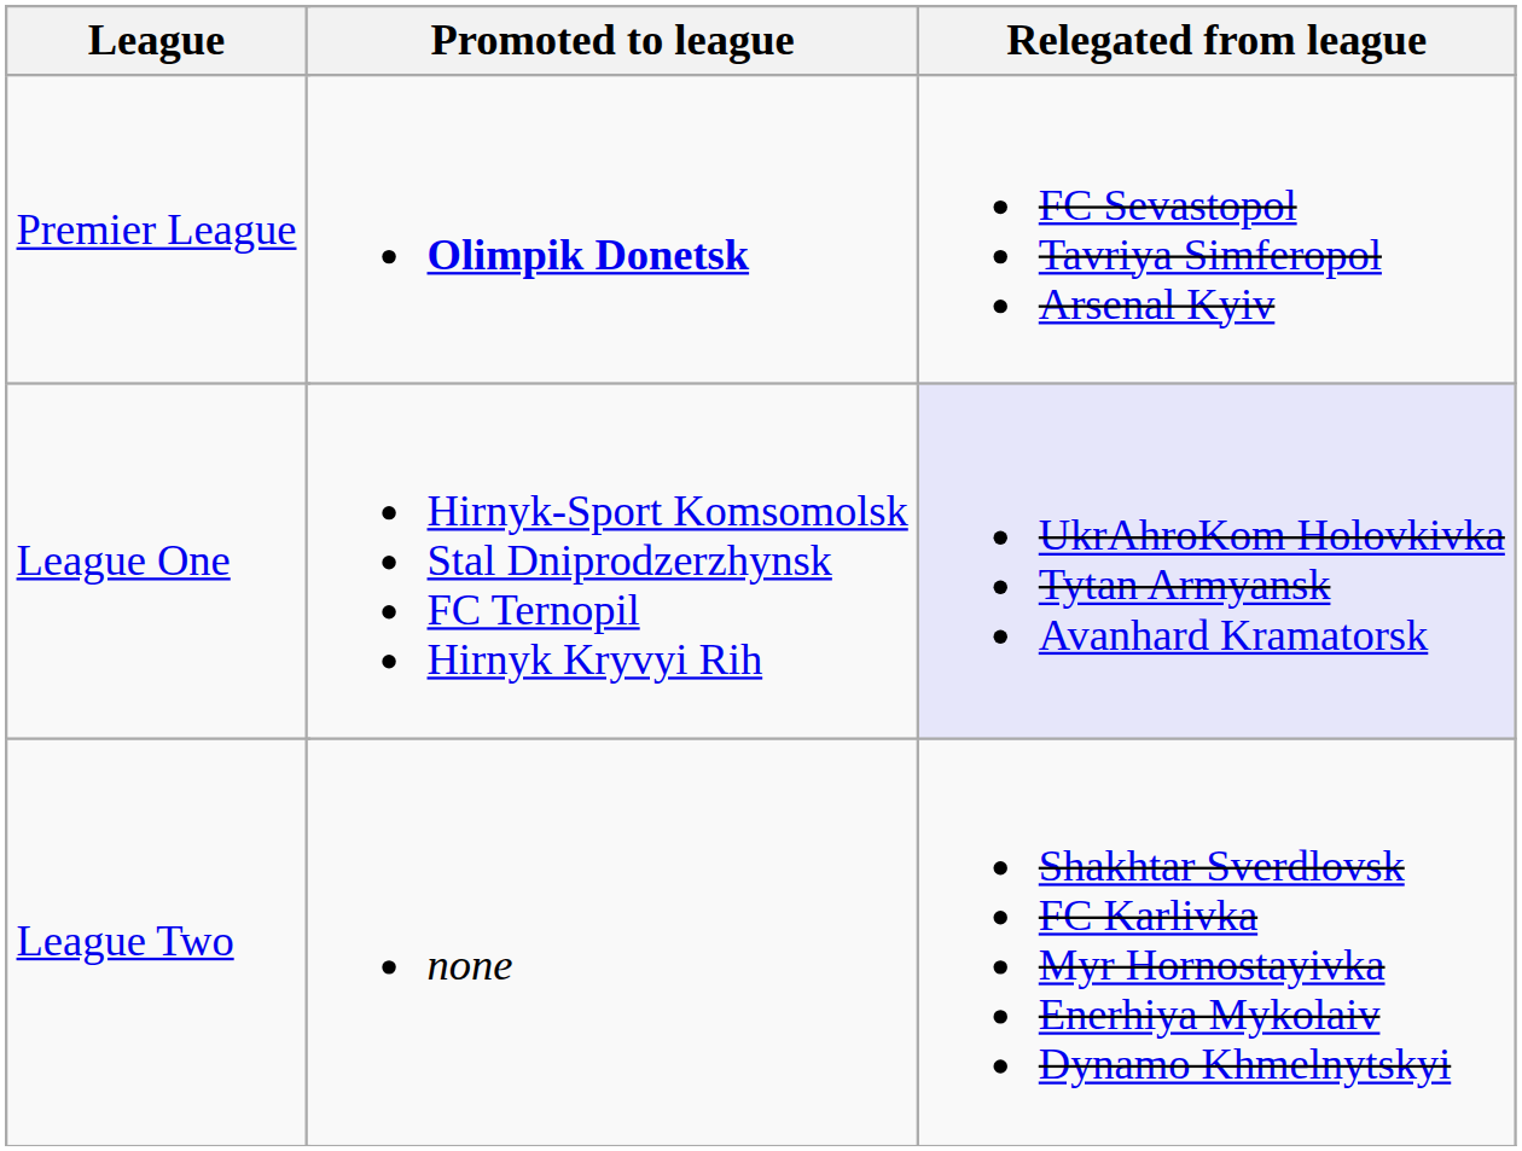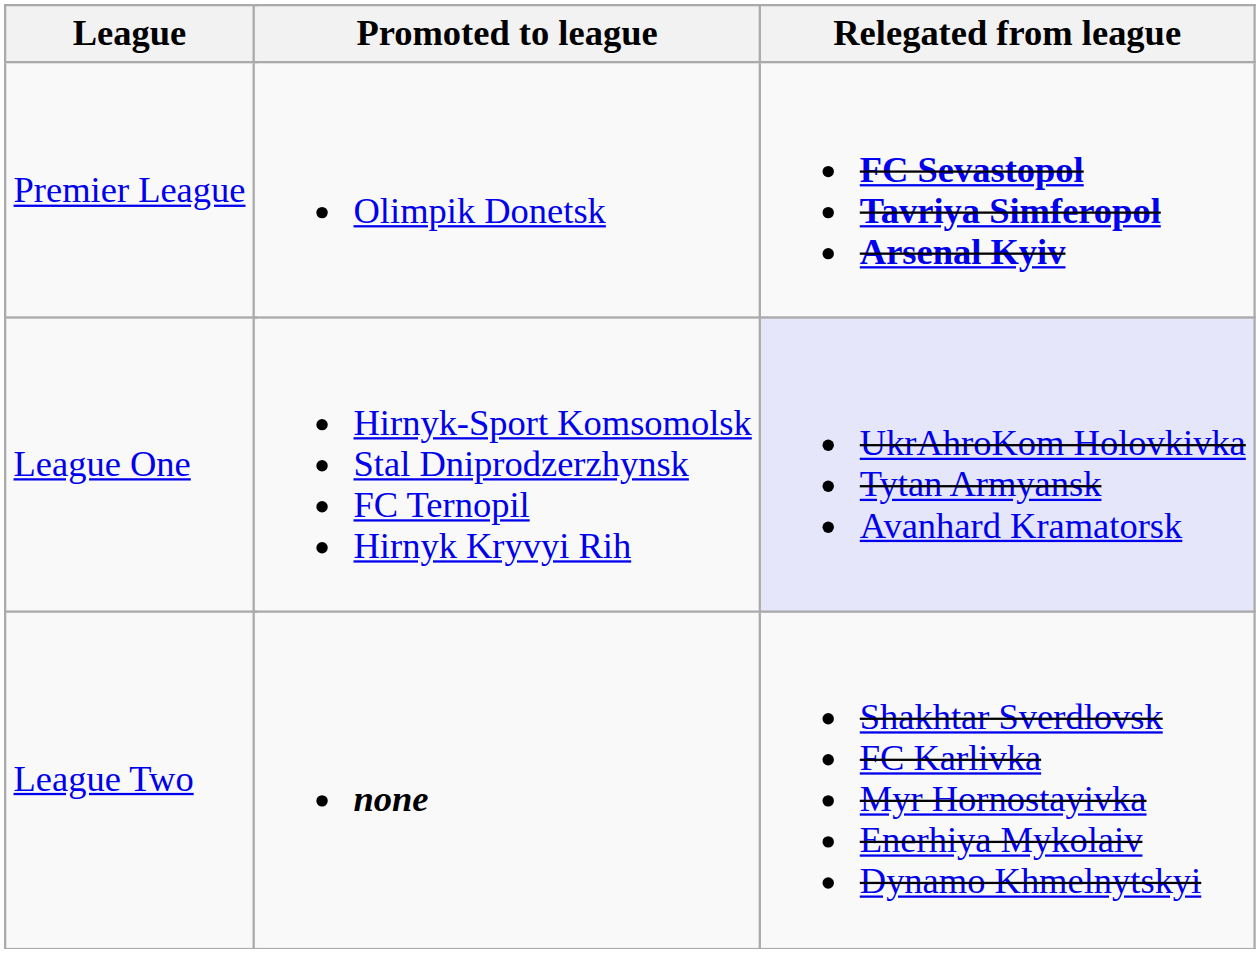 <table class="wikitable">
 <tr>
 <th colspan=2>League</th>
 <th>Promoted to league</th>
 <th>Relegated from league</th>
 </tr>
 <tr>
 <td colspan=2><a href='#'>Premier League</a></td>
-<td><strong><br><ul><li><a href='#'>Olimpik Donetsk</a></li></ul></strong></td>
-<td><br><ul><li><del><a href='#'>FC Sevastopol</a></del></li><li><del><a href='#'>Tavriya Simferopol</a></del></li><li><del><a href='#'>Arsenal Kyiv</a></del></li></ul></td>
+<td><br><ul><li><a href='#'>Olimpik Donetsk</a></li></ul></td>
+<td><strong><br><ul><li><del><a href='#'>FC Sevastopol</a></del></li><li><del><a href='#'>Tavriya Simferopol</a></del></li><li><del><a href='#'>Arsenal Kyiv</a></del></li></ul></strong></td>
 </tr>
 <tr>
 <td colspan=2><a href='#'>League One</a></td>
 <td><br><ul><li><a href='#'>Hirnyk-Sport Komsomolsk</a></li><li><a href='#'>Stal Dniprodzerzhynsk</a></li><li><a href='#'>FC Ternopil</a></li><li><a href='#'>Hirnyk Kryvyi Rih</a></li></ul></td>
 <td style="background: lavender;"><br><ul><li><del><a href='#'>UkrAhroKom Holovkivka</a></del></li><li><del><a href='#'>Tytan Armyansk</a></del></li><li><a href='#'>Avanhard Kramatorsk</a> </li></ul></td>
 </tr>
 <tr>
 <td colspan=2><a href='#'>League Two</a></td>
-<td><br><ul><li><em>none</em></li></ul></td>
+<td><strong><br><ul><li><em>none</em></li></ul></strong></td>
 <td><br><ul><li><del><a href='#'>Shakhtar Sverdlovsk</a></del></li><li><del><a href='#'>FC Karlivka</a></del></li><li><del><a href='#'>Myr Hornostayivka</a></del></li><li><del><a href='#'>Enerhiya Mykolaiv</a></del></li><li><del><a href='#'>Dynamo Khmelnytskyi</a></del></li></ul></td>
 </tr>
 </table>
